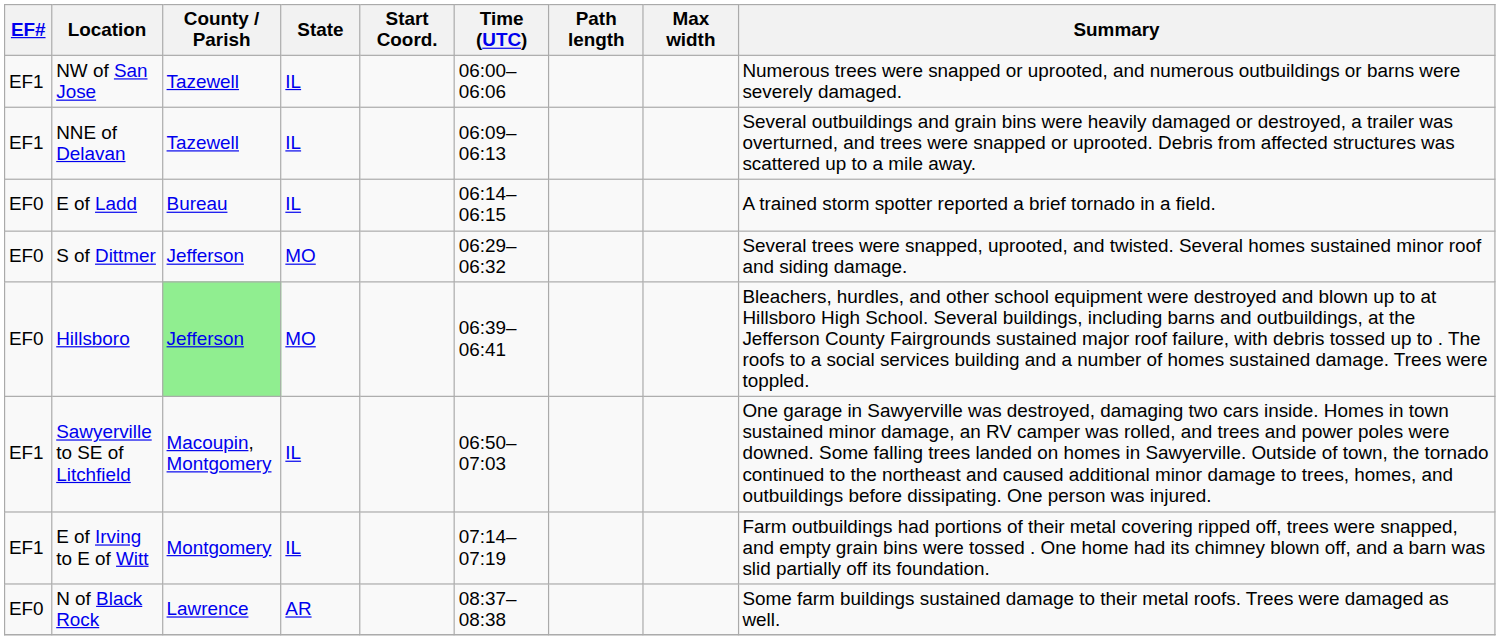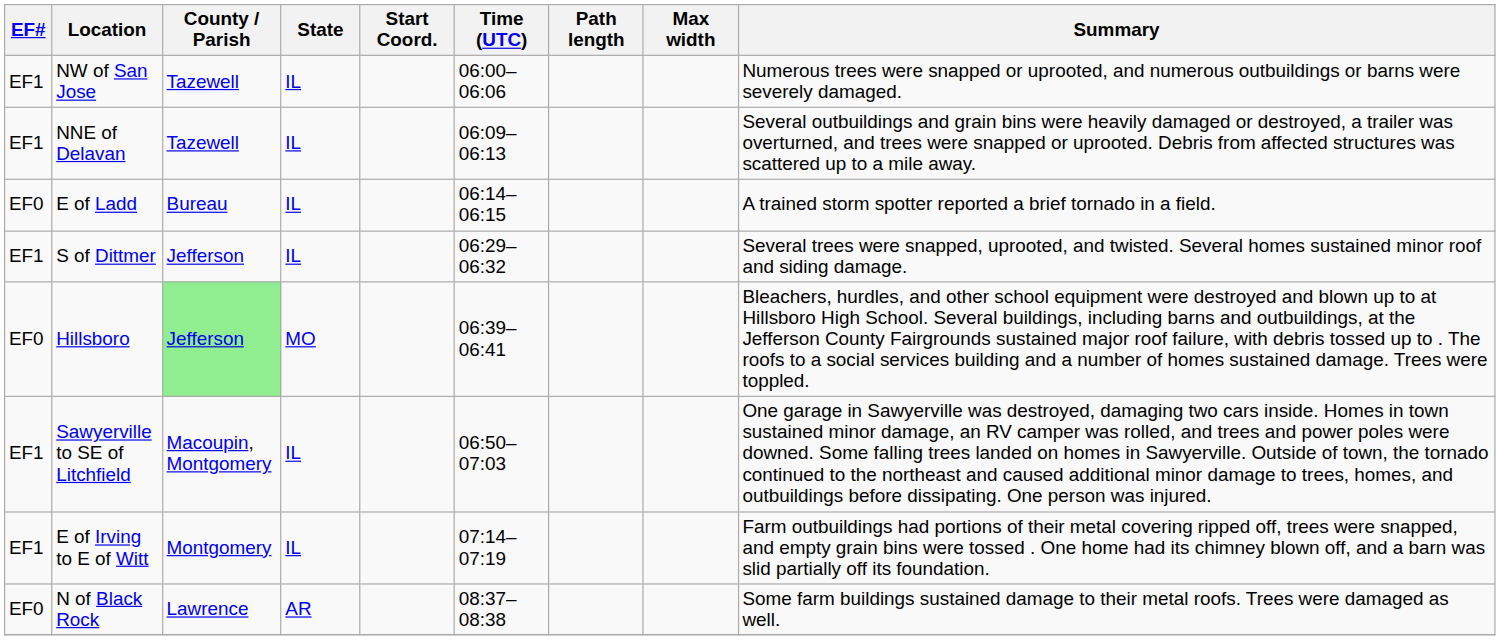 <table class="wikitable sortable" style="width:100%;">
 <tr>
 <th scope="col"  style="width:3%; text-align:center;"><a href='#'>EF#</a></th>
 <th scope="col"  style="width:7%; text-align:center;" class="unsortable">Location</th>
 <th scope="col"  style="width:6%; text-align:center;" class="unsortable">County / Parish</th>
 <th scope="col"  style="width:5%; text-align:center;">State</th>
 <th scope="col"  style="width:6%; text-align:center;">Start Coord.</th>
 <th scope="col"  style="width:6%; text-align:center;">Time (<a href='#'>UTC</a>)</th>
 <th scope="col"  style="width:6%; text-align:center;">Path length</th>
 <th scope="col"  style="width:6%; text-align:center;">Max width</th>
 <th scope="col" class="unsortable" style="width:48%; text-align:center;">Summary</th>
 </tr>
 <tr>
 <td>EF1</td>
 <td>NW of <a href='#'>San Jose</a></td>
 <td><a href='#'>Tazewell</a></td>
 <td><a href='#'>IL</a></td>
 <td></td>
 <td>06:00–06:06</td>
 <td></td>
 <td></td>
 <td>Numerous trees were snapped or uprooted, and numerous outbuildings or barns were severely damaged.</td>
 </tr>
 <tr>
 <td>EF1</td>
 <td>NNE of <a href='#'>Delavan</a></td>
 <td><a href='#'>Tazewell</a></td>
 <td><a href='#'>IL</a></td>
 <td></td>
 <td>06:09–06:13</td>
 <td></td>
 <td></td>
 <td>Several outbuildings and grain bins were heavily damaged or destroyed, a trailer was overturned, and trees were snapped or uprooted. Debris from affected structures was scattered up to a mile away.</td>
 </tr>
 <tr>
 <td>EF0</td>
 <td>E of <a href='#'>Ladd</a></td>
 <td><a href='#'>Bureau</a></td>
 <td><a href='#'>IL</a></td>
 <td></td>
 <td>06:14–06:15</td>
 <td></td>
 <td></td>
 <td>A trained storm spotter reported a brief tornado in a field.</td>
 </tr>
 <tr>
-<td>EF0</td>
+<td>EF1</td>
 <td>S of <a href='#'>Dittmer</a></td>
 <td><a href='#'>Jefferson</a></td>
-<td><a href='#'>MO</a></td>
+<td><a href='#'>IL</a></td>
 <td></td>
 <td>06:29–06:32</td>
 <td></td>
 <td></td>
 <td>Several trees were snapped, uprooted, and twisted. Several homes sustained minor roof and siding damage.</td>
 </tr>
 <tr>
 <td>EF0</td>
 <td><a href='#'>Hillsboro</a></td>
 <td style="background: lightgreen;"><a href='#'>Jefferson</a></td>
 <td><a href='#'>MO</a></td>
 <td></td>
 <td>06:39–06:41</td>
 <td></td>
 <td></td>
 <td>Bleachers, hurdles, and other school equipment were destroyed and blown up to  at Hillsboro High School. Several buildings, including barns and outbuildings, at the Jefferson County Fairgrounds sustained major roof failure, with debris tossed up to . The roofs to a social services building and a number of homes sustained damage. Trees were toppled.</td>
 </tr>
 <tr>
 <td>EF1</td>
 <td><a href='#'>Sawyerville</a> to SE of <a href='#'>Litchfield</a></td>
 <td><a href='#'>Macoupin</a>, <a href='#'>Montgomery</a></td>
 <td><a href='#'>IL</a></td>
 <td></td>
 <td>06:50–07:03</td>
 <td></td>
 <td></td>
 <td>One garage in Sawyerville was destroyed, damaging two cars inside. Homes in town sustained minor damage, an RV camper was rolled, and trees and power poles were downed. Some falling trees landed on homes in Sawyerville. Outside of town, the tornado continued to the northeast and caused additional minor damage to trees, homes, and outbuildings before dissipating. One person was injured.</td>
 </tr>
 <tr>
 <td>EF1</td>
 <td>E of <a href='#'>Irving</a> to E of <a href='#'>Witt</a></td>
 <td><a href='#'>Montgomery</a></td>
 <td><a href='#'>IL</a></td>
 <td></td>
 <td>07:14–07:19</td>
 <td></td>
 <td></td>
 <td>Farm outbuildings had portions of their metal covering ripped off, trees were snapped, and empty grain bins were tossed . One home had its chimney blown off, and a barn was slid partially off its foundation.</td>
 </tr>
 <tr>
 <td>EF0</td>
 <td>N of <a href='#'>Black Rock</a></td>
 <td><a href='#'>Lawrence</a></td>
 <td><a href='#'>AR</a></td>
 <td></td>
 <td>08:37–08:38</td>
 <td></td>
 <td></td>
 <td>Some farm buildings sustained damage to their metal roofs. Trees were damaged as well.</td>
 </tr>
 <tr>
 </tr>
 </table>
